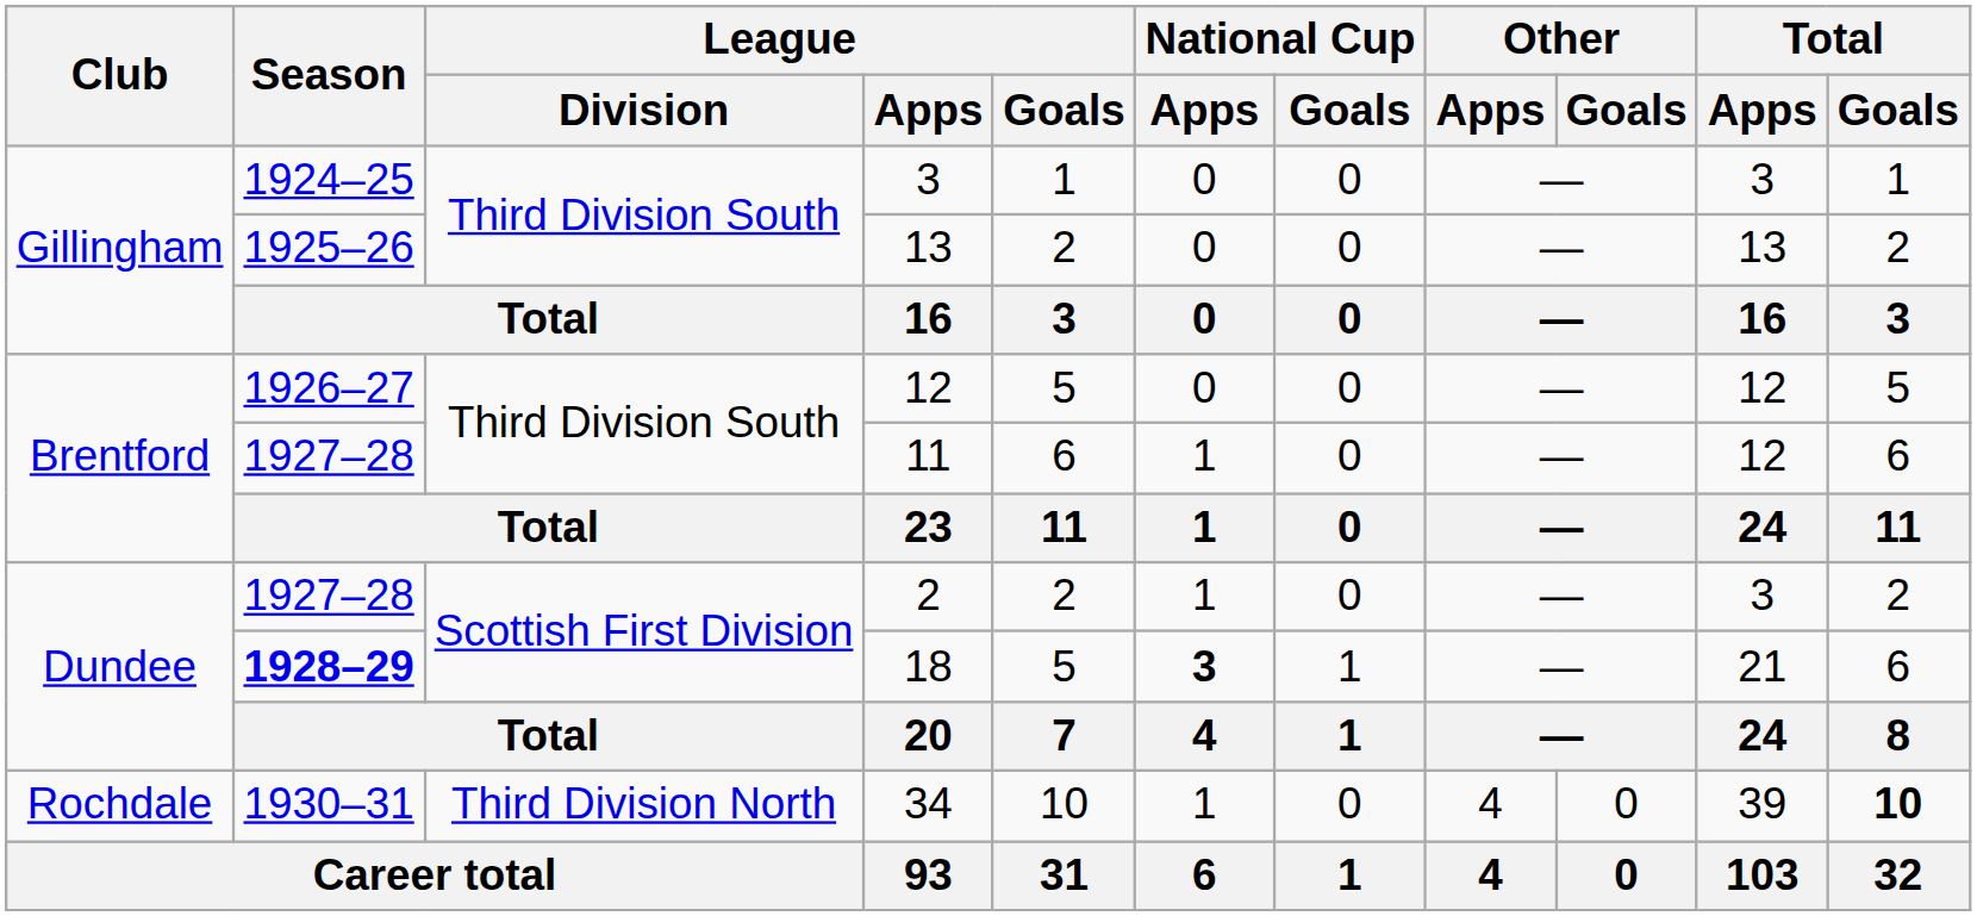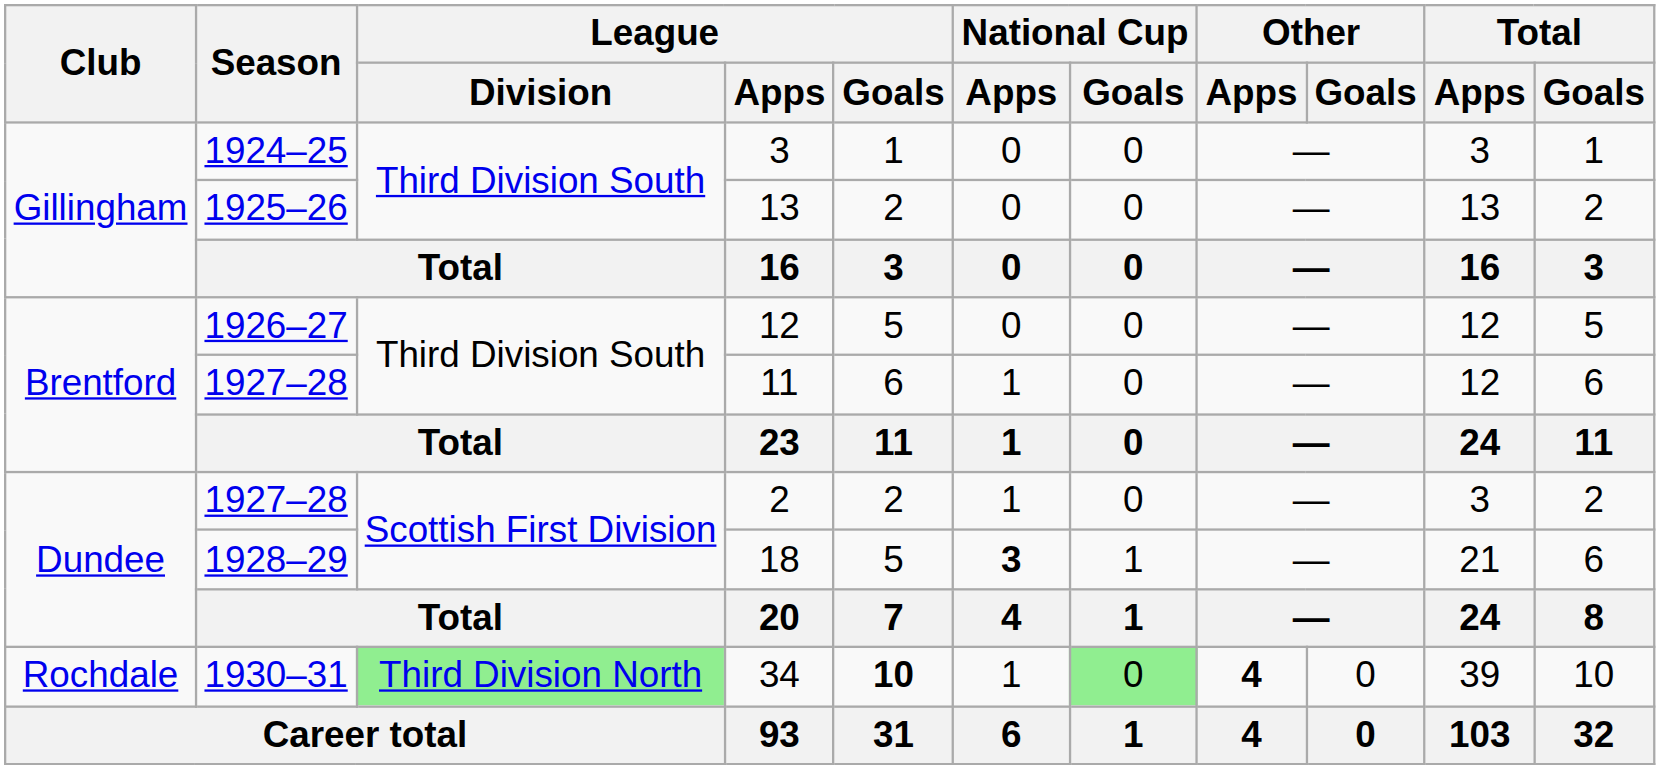 <table class="wikitable" style="text-align: center;">
 <tr>
 <th rowspan="2">Club</th>
 <th rowspan="2">Season</th>
 <th colspan="3">League</th>
 <th colspan="2">National Cup</th>
 <th colspan="2">Other</th>
 <th colspan="2">Total</th>
 </tr>
 <tr>
 <th>Division</th>
 <th>Apps</th>
 <th>Goals</th>
 <th>Apps</th>
 <th>Goals</th>
 <th>Apps</th>
 <th>Goals</th>
 <th>Apps</th>
 <th>Goals</th>
 </tr>
 <tr>
 <td rowspan="3"><a href='#'>Gillingham</a></td>
 <td><a href='#'>1924–25</a></td>
 <td rowspan="2"><a href='#'>Third Division South</a></td>
 <td>3</td>
 <td>1</td>
 <td>0</td>
 <td>0</td>
 <td colspan="2">—</td>
 <td>3</td>
 <td>1</td>
 </tr>
 <tr>
 <td><a href='#'>1925–26</a></td>
 <td>13</td>
 <td>2</td>
 <td>0</td>
 <td>0</td>
 <td colspan="2">—</td>
 <td>13</td>
 <td>2</td>
 </tr>
 <tr>
 <th colspan="2">Total</th>
 <th>16</th>
 <th>3</th>
 <th>0</th>
 <th>0</th>
 <th colspan="2">—</th>
 <th>16</th>
 <th>3</th>
 </tr>
 <tr>
 <td rowspan="3"><a href='#'>Brentford</a></td>
 <td><a href='#'>1926–27</a></td>
 <td rowspan="2">Third Division South</td>
 <td>12</td>
 <td>5</td>
 <td>0</td>
 <td>0</td>
 <td colspan="2">—</td>
 <td>12</td>
 <td>5</td>
 </tr>
 <tr>
 <td><a href='#'>1927–28</a></td>
 <td>11</td>
 <td>6</td>
 <td>1</td>
 <td>0</td>
 <td colspan="2">—</td>
 <td>12</td>
 <td>6</td>
 </tr>
 <tr>
 <th colspan="2">Total</th>
 <th>23</th>
 <th>11</th>
 <th>1</th>
 <th>0</th>
 <th colspan="2">—</th>
 <th>24</th>
 <th>11</th>
 </tr>
 <tr>
 <td rowspan="3"><a href='#'>Dundee</a></td>
 <td><a href='#'>1927–28</a></td>
 <td rowspan="2"><a href='#'>Scottish First Division</a></td>
 <td>2</td>
 <td>2</td>
 <td>1</td>
 <td>0</td>
 <td colspan="2">—</td>
 <td>3</td>
 <td>2</td>
 </tr>
 <tr>
-<td><strong><a href='#'>1928–29</a></strong></td>
+<td><a href='#'>1928–29</a></td>
 <td>18</td>
 <td>5</td>
 <td><strong>3</strong></td>
 <td>1</td>
 <td colspan="2">—</td>
 <td>21</td>
 <td>6</td>
 </tr>
 <tr>
 <th colspan="2">Total</th>
 <th>20</th>
 <th>7</th>
 <th>4</th>
 <th>1</th>
 <th colspan="2">—</th>
 <th>24</th>
 <th>8</th>
 </tr>
 <tr>
 <td><a href='#'>Rochdale</a></td>
 <td><a href='#'>1930–31</a></td>
-<td><a href='#'>Third Division North</a></td>
+<td style="background: lightgreen;"><a href='#'>Third Division North</a></td>
 <td>34</td>
-<td>10</td>
+<td><strong>10</strong></td>
 <td>1</td>
-<td>0</td>
-<td>4</td>
+<td style="background: lightgreen;">0</td>
+<td><strong>4</strong></td>
 <td>0</td>
 <td>39</td>
-<td><strong>10</strong></td>
+<td>10</td>
 </tr>
 <tr>
 <th colspan="3">Career total</th>
 <th>93</th>
 <th>31</th>
 <th>6</th>
 <th>1</th>
 <th>4</th>
 <th>0</th>
 <th>103</th>
 <th>32</th>
 </tr>
 </table>
